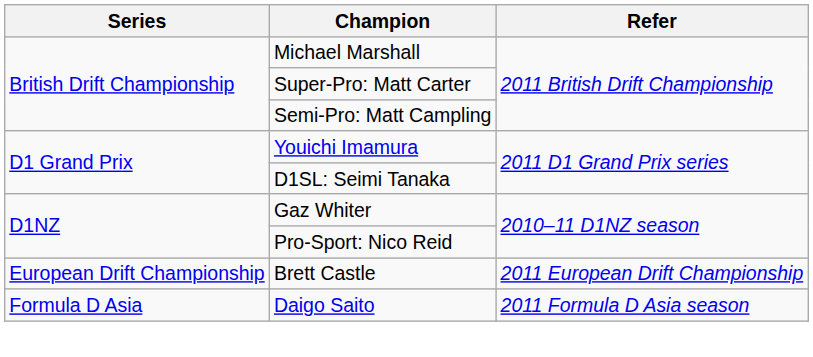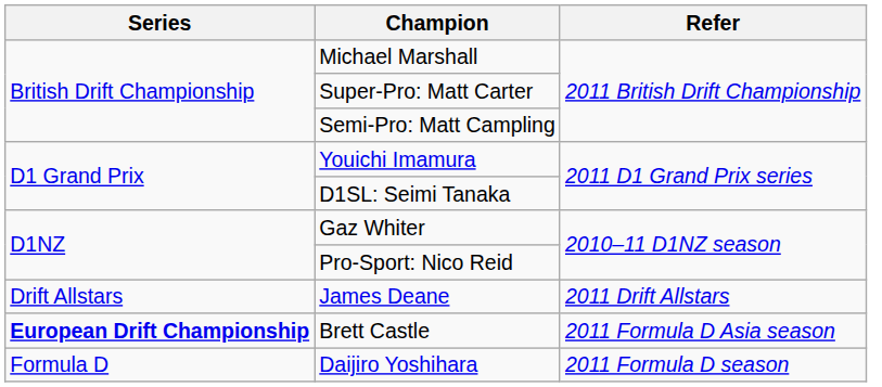 <table class="wikitable" style="font-size:87%;">
 <tr>
 <th>Series</th>
 <th>Champion</th>
 <th>Refer</th>
 </tr>
 <tr>
 <td rowspan=3><a href='#'>British Drift Championship</a></td>
 <td> Michael Marshall</td>
 <td rowspan=3><em><a href='#'>2011 British Drift Championship</a></em></td>
 </tr>
 <tr>
 <td>Super-Pro:  Matt Carter</td>
 </tr>
 <tr>
 <td>Semi-Pro:  Matt Campling</td>
 </tr>
 <tr>
 <td rowspan=2><a href='#'>D1 Grand Prix</a></td>
 <td> <a href='#'>Youichi Imamura</a></td>
 <td rowspan=2><em><a href='#'>2011 D1 Grand Prix series</a></em></td>
 </tr>
 <tr>
 <td>D1SL:  Seimi Tanaka</td>
 </tr>
 <tr>
 <td rowspan=2><a href='#'>D1NZ</a></td>
 <td> Gaz Whiter</td>
 <td rowspan=2><em><a href='#'>2010–11 D1NZ season</a></em></td>
 </tr>
 <tr>
 <td>Pro-Sport:  Nico Reid</td>
 </tr>
 <tr>
-<td><a href='#'>European Drift Championship</a></td>
-<td> Brett Castle</td>
-<td><em><a href='#'>2011 European Drift Championship</a></em></td>
+<td><a href='#'>Drift Allstars</a></td>
+<td> <a href='#'>James Deane</a></td>
+<td><em><a href='#'>2011 Drift Allstars</a></em></td>
 </tr>
 <tr>
-<td><a href='#'>Formula D Asia</a></td>
-<td> <a href='#'>Daigo Saito</a></td>
+<td><strong><a href='#'>European Drift Championship</a></strong></td>
+<td> Brett Castle</td>
 <td><em><a href='#'>2011 Formula D Asia season</a></em></td>
 </tr>
+<tr>
+<td><a href='#'>Formula D</a></td>
+<td> <a href='#'>Daijiro Yoshihara</a></td>
+<td><em><a href='#'>2011 Formula D season</a></em></td>
+</tr>
 </table>
